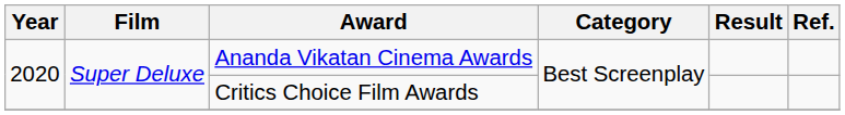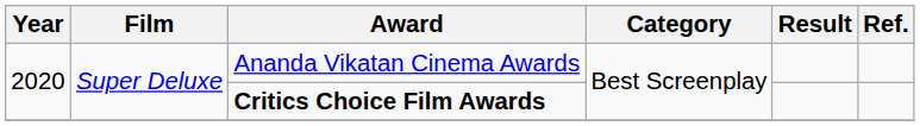 <table class="wikitable">
 <tr style="text-align:center;">
 <th>Year</th>
 <th>Film</th>
 <th>Award</th>
 <th>Category</th>
 <th>Result</th>
 <th>Ref.</th>
 </tr>
 <tr>
 <td rowspan="2">2020</td>
 <td rowspan="2"><em><a href='#'>Super Deluxe</a></em></td>
 <td><a href='#'>Ananda Vikatan Cinema Awards</a></td>
 <td rowspan="2">Best Screenplay</td>
 <td></td>
 <td></td>
 </tr>
 <tr>
-<td>Critics Choice Film Awards</td>
+<td><strong>Critics Choice Film Awards</strong></td>
 <td></td>
 <td></td>
 </tr>
 <tr>
 </tr>
 </table>
